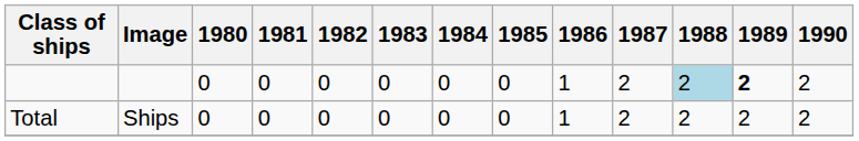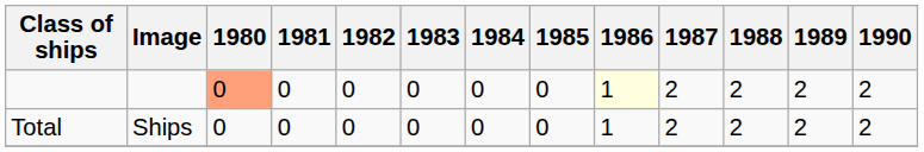 <table class="wikitable sortable collapsible collapsed">
 <tr>
 <th style="width:29%;">Class of ships</th>
 <th>Image</th>
 <th>1980</th>
 <th>1981</th>
 <th>1982</th>
 <th>1983</th>
 <th>1984</th>
 <th>1985</th>
 <th>1986</th>
 <th>1987</th>
 <th>1988</th>
 <th>1989</th>
 <th>1990</th>
 </tr>
 <tr valign="top">
 <td></td>
 <td></td>
+<td style="background: lightsalmon;">0</td>
 <td>0</td>
 <td>0</td>
 <td>0</td>
 <td>0</td>
 <td>0</td>
-<td>0</td>
-<td>1</td>
+<td style="background: lightyellow;">1</td>
 <td>2</td>
-<td style="background: lightblue;">2</td>
-<td><strong>2</strong></td>
+<td>2</td>
+<td>2</td>
 <td>2</td>
 </tr>
 <tr valign="top">
 <td>Total</td>
 <td>Ships</td>
 <td>0</td>
 <td>0</td>
 <td>0</td>
 <td>0</td>
 <td>0</td>
 <td>0</td>
 <td>1</td>
 <td>2</td>
 <td>2</td>
 <td>2</td>
 <td>2</td>
 </tr>
 <tr>
 </tr>
 </table>
